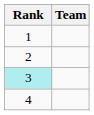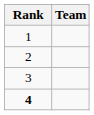 <table class="wikitable" style="text-align: center;">
 <tr>
 <th width=50>Rank</th>
 <th>Team</th>
 </tr>
 <tr>
 <td>1</td>
 <td align=left></td>
 </tr>
 <tr>
 <td>2</td>
 <td align=left></td>
 </tr>
 <tr>
-<td style="background: paleturquoise;">3</td>
+<td>3</td>
 <td align=left></td>
 </tr>
 <tr>
-<td>4</td>
+<td><strong>4</strong></td>
 <td align=left></td>
 </tr>
 </table>
